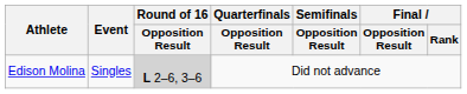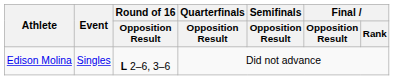 <table class="wikitable" style="font-size:90%;">
 <tr>
 <th rowspan=2>Athlete</th>
 <th rowspan=2>Event</th>
 <th>Round of 16</th>
 <th>Quarterfinals</th>
 <th>Semifinals</th>
 <th colspan=2>Final / </th>
 </tr>
 <tr style="font-size:95%">
 <th>Opposition<br>Result</th>
 <th>Opposition<br>Result</th>
 <th>Opposition<br>Result</th>
 <th>Opposition<br>Result</th>
 <th>Rank</th>
 </tr>
 <tr align=center>
 <td align=left><a href='#'>Edison Molina</a></td>
 <td align=left><a href='#'>Singles</a></td>
-<td style="background: lightgrey;"><br><strong>L</strong> 2–6, 3–6</td>
+<td><br><strong>L</strong> 2–6, 3–6</td>
 <td colspan=4>Did not advance</td>
 </tr>
 </table>
